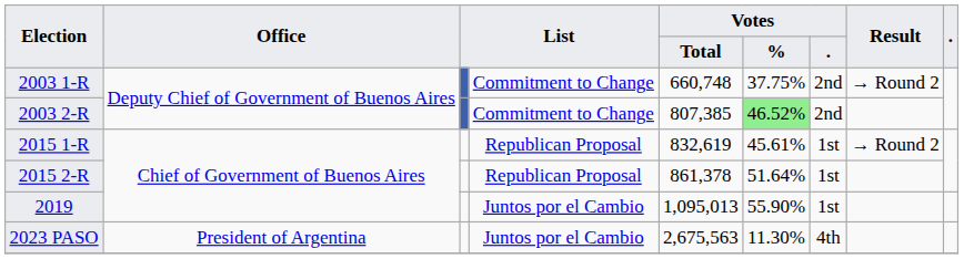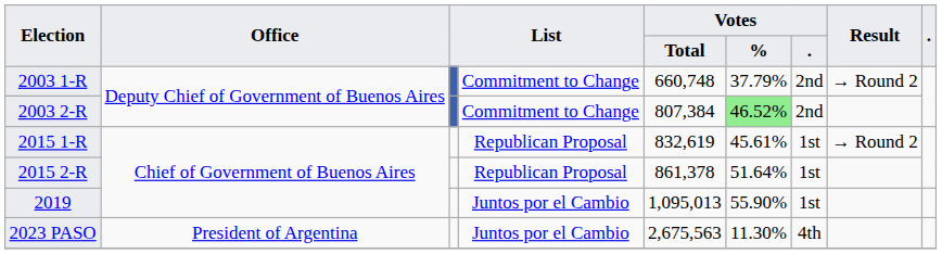 <table class="wikitable" style="font-size:90%; text-align:center;">
 <tr>
 <th style="background-color:#EAECF0;" rowspan=2>Election</th>
 <th style="background-color:#EAECF0;" rowspan=2>Office</th>
 <th style="background-color:#EAECF0;" colspan=2 rowspan=2>List</th>
 <th style="background-color:#EAECF0;" colspan=3>Votes</th>
 <th style="background-color:#EAECF0;" rowspan=2>Result</th>
 <th style="background-color:#EAECF0;" rowspan=2>.</th>
 </tr>
 <tr>
 <th style="background-color:#EAECF0;">Total</th>
 <th style="background-color:#EAECF0;">%</th>
 <th style="background-color:#EAECF0;">.</th>
 </tr>
 <tr>
 <td style="background-color:#EAECF0;"><a href='#'>2003 1-R</a></td>
 <td rowspan="2"><a href='#'>Deputy Chief of Government of Buenos Aires</a></td>
 <td style="background-color:#3E5FA9;"></td>
 <td><a href='#'>Commitment to Change</a></td>
 <td>660,748</td>
-<td>37.75%</td>
+<td>37.79%</td>
 <td>2nd</td>
 <td>→ Round 2</td>
 <td rowspan="2"></td>
 </tr>
 <tr>
 <td style="background-color:#EAECF0;"><a href='#'>2003 2-R</a></td>
 <td style="background-color:#3E5FA9;"></td>
 <td><a href='#'>Commitment to Change</a></td>
-<td>807,385</td>
+<td>807,384</td>
 <td style="background: lightgreen;">46.52%</td>
 <td>2nd</td>
 <td></td>
 </tr>
 <tr>
 <td style="background-color:#EAECF0;"><a href='#'>2015 1-R</a></td>
 <td rowspan="3"><a href='#'>Chief of Government of Buenos Aires</a></td>
 <td style="background-color:"></td>
 <td><a href='#'>Republican Proposal</a></td>
 <td>832,619</td>
 <td>45.61%</td>
 <td>1st</td>
 <td>→ Round 2</td>
 <td rowspan="2"></td>
 </tr>
 <tr>
 <td style="background-color:#EAECF0;"><a href='#'>2015 2-R</a></td>
 <td style="background-color:"></td>
 <td><a href='#'>Republican Proposal</a></td>
 <td>861,378</td>
 <td>51.64%</td>
 <td>1st</td>
 <td></td>
 </tr>
 <tr>
 <td style="background-color:#EAECF0;"><a href='#'>2019</a></td>
 <td style="background-color:"></td>
 <td><a href='#'>Juntos por el Cambio</a></td>
 <td>1,095,013</td>
 <td>55.90%</td>
 <td>1st</td>
 <td></td>
 <td></td>
 </tr>
 <tr>
 <td style="background-color:#EAECF0;"><a href='#'>2023 PASO</a></td>
 <td><a href='#'>President of Argentina</a></td>
 <td style="background-color:"></td>
 <td><a href='#'>Juntos por el Cambio</a></td>
 <td>2,675,563</td>
 <td>11.30%</td>
 <td>4th</td>
 <td></td>
 <td></td>
 </tr>
 <tr>
 </tr>
 </table>
